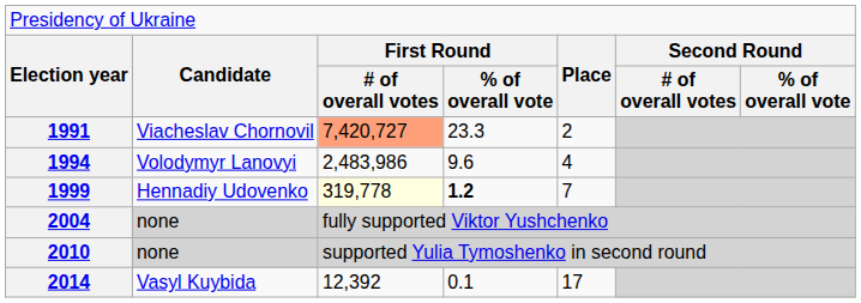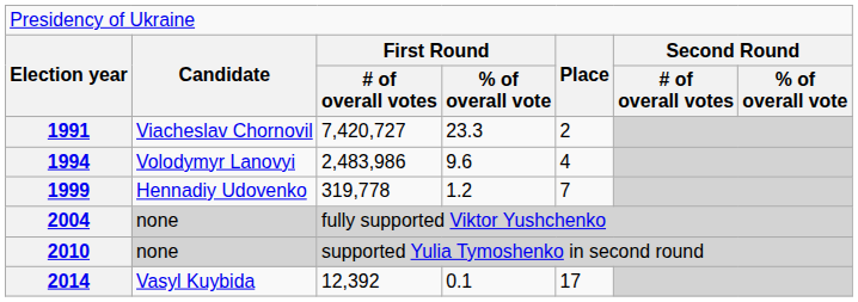 <table class=wikitable>
 <tr>
 <td colspan=7><a href='#'>Presidency of Ukraine</a></td>
 </tr>
 <tr>
 <th rowspan=2>Election year</th>
 <th rowspan=2>Candidate</th>
 <th colspan=2>First Round</th>
 <th rowspan=2>Place</th>
 <th colspan=2>Second Round</th>
 </tr>
 <tr>
 <th># of<br>overall votes</th>
 <th>% of<br>overall vote</th>
 <th># of<br>overall votes</th>
 <th>% of<br>overall vote</th>
 </tr>
 <tr>
 <th><a href='#'>1991</a></th>
 <td><a href='#'>Viacheslav Chornovil</a></td>
-<td style="background: lightsalmon;">7,420,727</td>
+<td>7,420,727</td>
 <td>23.3</td>
 <td>2</td>
 <td colspan="2" style="background:lightgrey;"></td>
 </tr>
 <tr>
 <th><a href='#'>1994</a></th>
 <td><a href='#'>Volodymyr Lanovyi</a></td>
 <td>2,483,986</td>
 <td>9.6</td>
 <td>4</td>
 <td colspan="2" style="background:lightgrey;"></td>
 </tr>
 <tr>
 <th><a href='#'>1999</a></th>
 <td><a href='#'>Hennadiy Udovenko</a></td>
-<td style="background: lightyellow;">319,778</td>
-<td><strong>1.2</strong></td>
+<td>319,778</td>
+<td>1.2</td>
 <td>7</td>
 <td colspan="2" style="background:lightgrey;"></td>
 </tr>
 <tr>
 <th><a href='#'>2004</a></th>
 <td style="background:lightgrey;">none</td>
 <td colspan="5" style="background:lightgrey;">fully supported <a href='#'>Viktor Yushchenko</a></td>
 </tr>
 <tr>
 <th><a href='#'>2010</a></th>
 <td style="background:lightgrey;">none</td>
 <td colspan="5" style="background:lightgrey;">supported <a href='#'>Yulia Tymoshenko</a> in second round</td>
 </tr>
 <tr>
 <th><a href='#'>2014</a></th>
 <td><a href='#'>Vasyl Kuybida</a></td>
 <td>12,392</td>
 <td>0.1</td>
 <td>17</td>
 <td colspan="2" style="background:lightgrey;"></td>
 </tr>
 </table>
